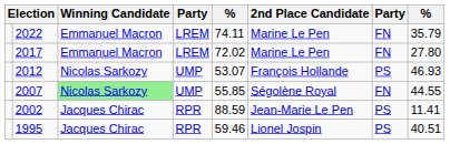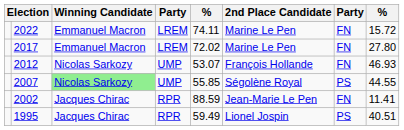 <table class="wikitable">
 <tr>
 <th colspan="2">Election</th>
 <th>Winning Candidate</th>
 <th>Party</th>
 <th>%</th>
 <th>2nd Place Candidate</th>
 <th>Party</th>
 <th>%</th>
 </tr>
 <tr>
 <td style="background-color: "></td>
 <td><a href='#'>2022</a></td>
 <td><a href='#'>Emmanuel Macron</a></td>
 <td><a href='#'>LREM</a></td>
 <td>74.11</td>
 <td><a href='#'>Marine Le Pen</a></td>
 <td><a href='#'>FN</a></td>
-<td>35.79</td>
+<td>15.72</td>
 </tr>
 <tr>
 <td style="background-color: "></td>
 <td><a href='#'>2017</a></td>
 <td><a href='#'>Emmanuel Macron</a></td>
 <td><a href='#'>LREM</a></td>
 <td>72.02</td>
 <td><a href='#'>Marine Le Pen</a></td>
 <td><a href='#'>FN</a></td>
 <td>27.80</td>
 </tr>
 <tr>
 <td style="background-color: "></td>
 <td><a href='#'>2012</a></td>
 <td><a href='#'>Nicolas Sarkozy</a></td>
 <td><a href='#'>UMP</a></td>
 <td>53.07</td>
 <td><a href='#'>François Hollande</a></td>
-<td><a href='#'>PS</a></td>
+<td><a href='#'>FN</a></td>
 <td>46.93</td>
 </tr>
 <tr>
 <td style="background-color: "></td>
 <td><a href='#'>2007</a></td>
 <td style="background: lightgreen;"><a href='#'>Nicolas Sarkozy</a></td>
 <td><a href='#'>UMP</a></td>
 <td>55.85</td>
 <td><a href='#'>Ségolène Royal</a></td>
-<td><a href='#'>FN</a></td>
+<td><a href='#'>PS</a></td>
 <td>44.55</td>
 </tr>
 <tr>
 <td style="background-color: "></td>
 <td><a href='#'>2002</a></td>
 <td><a href='#'>Jacques Chirac</a></td>
 <td><a href='#'>RPR</a></td>
 <td>88.59</td>
 <td><a href='#'>Jean-Marie Le Pen</a></td>
-<td><a href='#'>PS</a></td>
+<td><a href='#'>FN</a></td>
 <td>11.41</td>
 </tr>
 <tr>
 <td style="background-color: "></td>
 <td><a href='#'>1995</a></td>
 <td><a href='#'>Jacques Chirac</a></td>
 <td><a href='#'>RPR</a></td>
-<td>59.46</td>
+<td>59.49</td>
 <td><a href='#'>Lionel Jospin</a></td>
 <td><a href='#'>PS</a></td>
 <td>40.51</td>
 </tr>
 </table>
